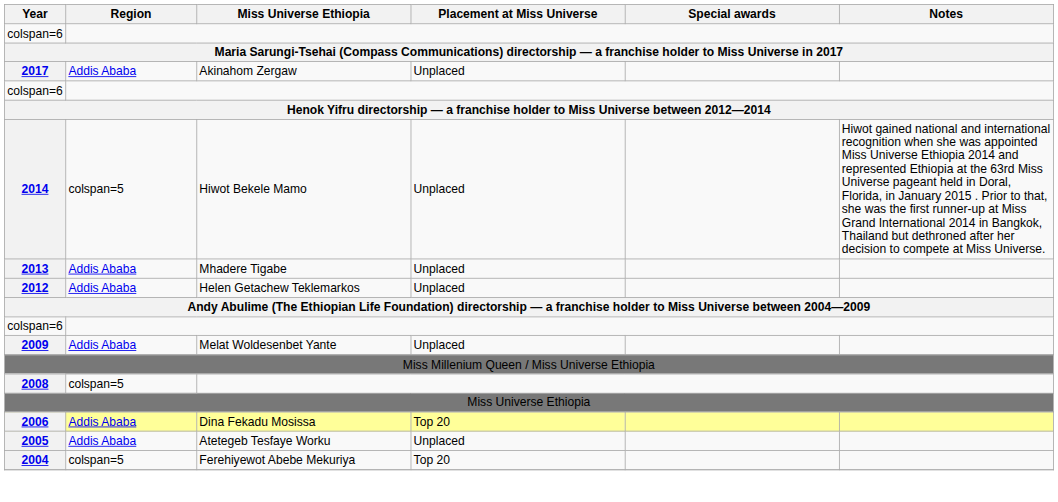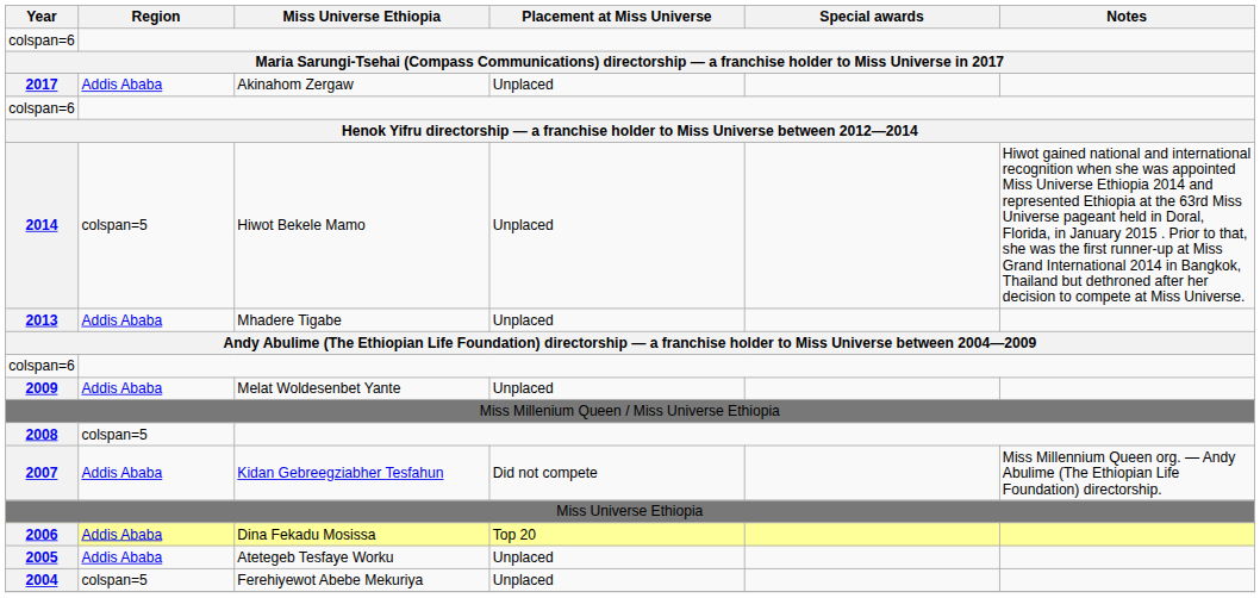 <table class="wikitable " style="font-size: 90%;">
 <tr>
 <th width="60">Year</th>
 <th width="150">Region</th>
 <th width="250">Miss Universe Ethiopia</th>
 <th width="250">Placement at Miss Universe</th>
 <th width="250">Special awards</th>
 <th width="250">Notes</th>
 </tr>
 <tr>
 <td>colspan=6 </td>
 </tr>
 <tr>
 <th colspan="6">Maria Sarungi-Tsehai (Compass Communications) directorship — a franchise holder to Miss Universe in 2017</th>
 </tr>
 <tr>
 <th><a href='#'>2017</a></th>
 <td><a href='#'>Addis Ababa</a></td>
 <td>Akinahom Zergaw</td>
 <td>Unplaced</td>
 <td></td>
 <td></td>
 </tr>
 <tr>
 <td>colspan=6 </td>
 </tr>
 <tr>
 <th colspan="6">Henok Yifru directorship — a franchise holder to Miss Universe between 2012―2014</th>
 </tr>
 <tr>
 <th><a href='#'>2014</a></th>
 <td>colspan=5 </td>
 <td>Hiwot Bekele Mamo</td>
 <td>Unplaced</td>
 <td></td>
 <td>Hiwot gained national and international recognition when she was appointed Miss Universe Ethiopia 2014 and represented Ethiopia at the 63rd Miss Universe pageant held in Doral, Florida, in January 2015 . Prior to that, she was the first runner-up at Miss Grand International 2014 in Bangkok, Thailand but dethroned after her decision to compete at Miss Universe.</td>
 </tr>
 <tr>
 <th><a href='#'>2013</a></th>
 <td><a href='#'>Addis Ababa</a></td>
 <td>Mhadere Tigabe</td>
 <td>Unplaced</td>
 <td></td>
 <td></td>
 </tr>
 <tr>
-<th><a href='#'>2012</a></th>
-<td><a href='#'>Addis Ababa</a></td>
-<td>Helen Getachew Teklemarkos</td>
-<td>Unplaced</td>
-<td></td>
-<td></td>
-</tr>
-<tr>
 <th colspan="6">Andy Abulime (The Ethiopian Life Foundation) directorship — a franchise holder to Miss Universe between 2004—2009</th>
 </tr>
 <tr>
 <td>colspan=6 </td>
 </tr>
 <tr>
 <th><a href='#'>2009</a></th>
 <td><a href='#'>Addis Ababa</a></td>
 <td>Melat Woldesenbet Yante</td>
 <td>Unplaced</td>
 <td></td>
 <td></td>
 </tr>
 <tr>
 </tr>
 <tr bgcolor="#787878" align="center">
 <td colspan="6"><span>Miss Millenium Queen / Miss Universe Ethiopia</span></td>
 </tr>
 <tr>
 <th><a href='#'>2008</a></th>
 <td>colspan=5 </td>
+</tr>
+<tr>
+<th><a href='#'>2007</a></th>
+<td><a href='#'>Addis Ababa</a></td>
+<td><a href='#'>Kidan Gebreegziabher Tesfahun</a></td>
+<td>Did not compete</td>
+<td></td>
+<td>Miss Millennium Queen org. — Andy Abulime (The Ethiopian Life Foundation) directorship.</td>
 </tr>
 <tr>
 </tr>
 <tr bgcolor="#787878" align="center">
 <td colspan="6"><span>Miss Universe Ethiopia</span></td>
 </tr>
 <tr>
 </tr>
 <tr style="background-color:#FFFF99;">
 <th><a href='#'>2006</a></th>
 <td><a href='#'>Addis Ababa</a></td>
 <td>Dina Fekadu Mosissa</td>
 <td>Top 20</td>
 <td></td>
 <td></td>
 </tr>
 <tr>
 <th><a href='#'>2005</a></th>
 <td><a href='#'>Addis Ababa</a></td>
 <td>Atetegeb Tesfaye Worku</td>
 <td>Unplaced</td>
 <td></td>
 <td></td>
 </tr>
 <tr>
 <th><a href='#'>2004</a></th>
 <td>colspan=5 </td>
 <td>Ferehiyewot Abebe Mekuriya</td>
-<td>Top 20</td>
+<td>Unplaced</td>
 <td></td>
 <td></td>
 </tr>
 <tr>
 </tr>
 </table>
